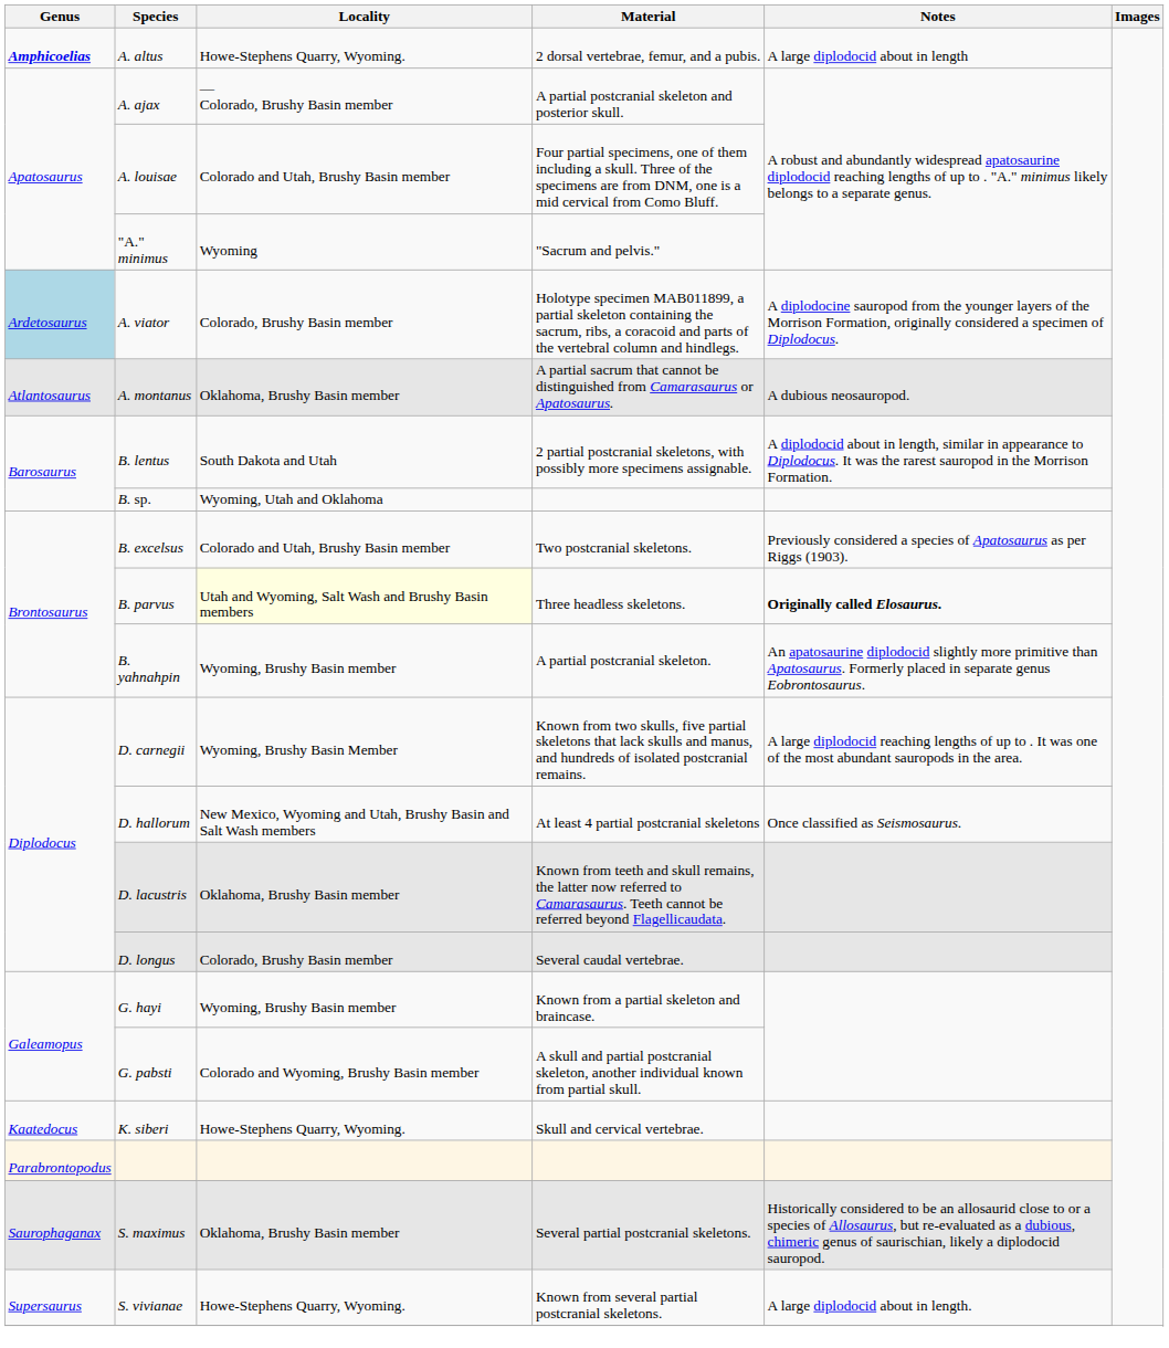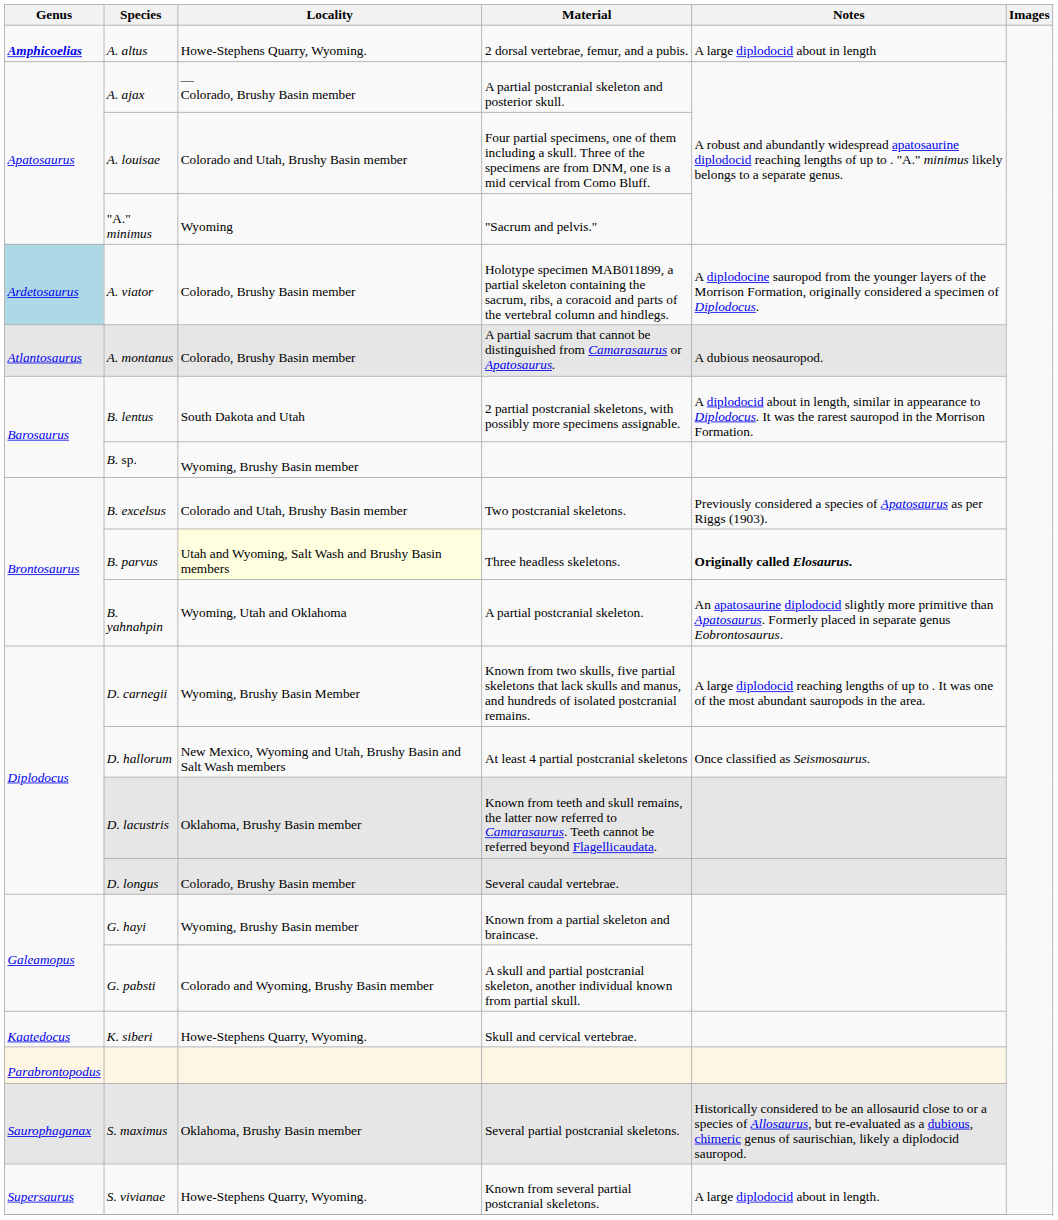 <table class="wikitable" align="center" width="100%">
 <tr>
 <th>Genus</th>
 <th>Species</th>
 <th>Locality</th>
 <th width="20%">Material</th>
 <th width="30%">Notes</th>
 <th>Images</th>
 </tr>
 <tr>
 <td><strong><br><em><a href='#'>Amphicoelias</a></em></strong></td>
 <td><br><em>A. altus</em></td>
 <td><br>Howe-Stephens Quarry, Wyoming.</td>
 <td><br>2 dorsal vertebrae, femur, and a pubis.</td>
 <td><br>A large <a href='#'>diplodocid</a> about  in length</td>
 <td rowspan="34"><br>         </td>
 </tr>
 <tr>
 <td rowspan=3><br><em><a href='#'>Apatosaurus</a></em></td>
 <td><br><em>A. ajax</em></td>
 <td>—<br>Colorado, Brushy Basin member</td>
 <td><br>A partial postcranial skeleton and posterior skull.</td>
 <td rowspan=3><br>A robust and abundantly widespread <a href='#'>apatosaurine</a> <a href='#'>diplodocid</a> reaching lengths of up to . "A." <em>minimus</em> likely belongs to a separate genus.</td>
 </tr>
 <tr>
 <td><br><em>A. louisae</em></td>
 <td><br>Colorado and Utah, Brushy Basin member </td>
 <td><br>Four partial specimens, one of them including a skull. Three of the specimens are from DNM, one is a mid cervical from Como Bluff.</td>
 </tr>
 <tr>
 <td><br>"A." <em>minimus</em></td>
 <td><br>Wyoming</td>
 <td><br>"Sacrum and pelvis."</td>
 </tr>
 <tr>
 <td style="background: lightblue;"><br><em><a href='#'>Ardetosaurus</a></em></td>
 <td><br><em>A. viator</em></td>
 <td><br>Colorado, Brushy Basin member</td>
 <td><br>Holotype specimen MAB011899, a partial skeleton containing the sacrum, ribs, a coracoid and parts of the vertebral column and hindlegs.</td>
 <td><br>A <a href='#'>diplodocine</a> sauropod from the younger layers of the Morrison Formation, originally considered a specimen of <em><a href='#'>Diplodocus</a></em>.</td>
 </tr>
 <tr>
 <td style="background:#E6E6E6;"><br><em><a href='#'>Atlantosaurus</a></em></td>
 <td style="background:#E6E6E6;"><br><em>A. montanus</em></td>
-<td style="background:#E6E6E6;"><br>Oklahoma, Brushy Basin member</td>
+<td style="background:#E6E6E6;"><br>Colorado, Brushy Basin member</td>
 <td style="background:#E6E6E6;">A partial sacrum that cannot be distinguished from <em><a href='#'>Camarasaurus</a></em> or <em><a href='#'>Apatosaurus</a>.</em></td>
 <td style="background:#E6E6E6;"><br>A dubious neosauropod.</td>
 </tr>
 <tr>
 <td rowspan="2"><br><em><a href='#'>Barosaurus</a></em></td>
 <td><br><em>B. lentus</em></td>
 <td><br>South Dakota and Utah</td>
 <td><br>2 partial postcranial skeletons, with possibly more specimens assignable.</td>
 <td><br>A <a href='#'>diplodocid</a> about  in length, similar in appearance to <em><a href='#'>Diplodocus</a></em>. It was the rarest sauropod in the Morrison Formation.</td>
 </tr>
 <tr>
 <td><em>B.</em> sp.</td>
-<td>Wyoming, Utah and Oklahoma</td>
+<td><br>Wyoming, Brushy Basin member</td>
 <td></td>
 <td></td>
 </tr>
 <tr>
 <td rowspan= 3><br><em><a href='#'>Brontosaurus</a></em></td>
 <td><br><em>B. excelsus</em></td>
 <td><br>Colorado and Utah, Brushy Basin member </td>
 <td><br>Two postcranial skeletons.</td>
 <td><br>Previously considered a species of <em><a href='#'>Apatosaurus</a></em> as per Riggs (1903).</td>
 </tr>
 <tr>
 <td><br><em>B. parvus</em></td>
 <td style="background: lightyellow;"><br>Utah and Wyoming, Salt Wash and Brushy Basin members</td>
 <td><br>Three headless skeletons.</td>
 <td><strong><br>Originally called <em>Elosaurus</em>.</strong></td>
 </tr>
 <tr>
 <td><br><em>B. yahnahpin</em></td>
-<td><br>Wyoming, Brushy Basin member</td>
+<td>Wyoming, Utah and Oklahoma</td>
 <td>A partial postcranial skeleton.</td>
 <td><br>An <a href='#'>apatosaurine</a> <a href='#'>diplodocid</a> slightly more primitive than <em><a href='#'>Apatosaurus</a></em>. Formerly placed in separate genus <em>Eobrontosaurus</em>.</td>
 </tr>
 <tr>
 <td rowspan=4><br><em><a href='#'>Diplodocus</a></em></td>
 <td><br><em>D. carnegii</em></td>
 <td><br>Wyoming, Brushy Basin Member</td>
 <td><br>Known from two skulls, five partial skeletons that lack skulls and manus, and hundreds of isolated postcranial remains.</td>
 <td><br>A large <a href='#'>diplodocid</a> reaching lengths of up to . It was one of the most abundant sauropods in the area.</td>
 </tr>
 <tr>
 <td><br><em>D. hallorum</em></td>
 <td><br>New Mexico, Wyoming and Utah, Brushy Basin and Salt Wash members</td>
 <td><br>At least 4 partial postcranial skeletons</td>
 <td><br>Once classified as <em>Seismosaurus</em>.</td>
 </tr>
 <tr>
 <td style="background:#E6E6E6;"><br><em>D. lacustris</em></td>
 <td style="background:#E6E6E6;"><br>Oklahoma, Brushy Basin member</td>
 <td style="background:#E6E6E6;"><br>Known from teeth and skull remains, the latter now referred to <em><a href='#'>Camarasaurus</a></em>. Teeth cannot be referred beyond <a href='#'>Flagellicaudata</a>.</td>
 <td style="background:#E6E6E6;"></td>
 </tr>
 <tr>
 <td style="background:#E6E6E6;"><br><em>D. longus</em></td>
 <td style="background:#E6E6E6;"><br>Colorado, Brushy Basin member</td>
 <td style="background:#E6E6E6;"><br>Several caudal vertebrae.</td>
 <td style="background:#E6E6E6;"></td>
 </tr>
 <tr>
 <td rowspan=2><br><em><a href='#'>Galeamopus</a></em></td>
 <td><br><em>G. hayi</em></td>
 <td><br>Wyoming, Brushy Basin member</td>
 <td><br>Known from a partial skeleton and braincase.</td>
 </tr>
 <tr>
 <td><br><em>G. pabsti</em></td>
 <td><br>Colorado and Wyoming, Brushy Basin member</td>
 <td><br>A skull and partial postcranial skeleton, another individual known from partial skull.</td>
 </tr>
 <tr>
 <td><br><em><a href='#'>Kaatedocus</a></em></td>
 <td><br><em>K. siberi</em></td>
 <td><br>Howe-Stephens Quarry, Wyoming.</td>
 <td><br>Skull and cervical vertebrae.</td>
 <td></td>
 </tr>
 <tr>
 <td style="background:#FEF6E4;"><br><em><a href='#'>Parabrontopodus</a></em></td>
 <td style="background:#FEF6E4;"></td>
 <td style="background:#FEF6E4;"></td>
 <td style="background:#FEF6E4;"></td>
 <td style="background:#FEF6E4;"></td>
 </tr>
 <tr>
 <td style="background:#E6E6E6;"><br><em><a href='#'>Saurophaganax</a></em></td>
 <td style="background:#E6E6E6;"><br><em>S. maximus</em></td>
 <td style="background:#E6E6E6;"><br>Oklahoma, Brushy Basin member</td>
 <td style="background:#E6E6E6;"><br>Several partial postcranial skeletons.</td>
 <td style="background:#E6E6E6;"><br>Historically considered to be an allosaurid close to or a species of <em><a href='#'>Allosaurus</a></em>, but re-evaluated as a <a href='#'>dubious</a>, <a href='#'>chimeric</a> genus of saurischian, likely a diplodocid sauropod.</td>
 </tr>
 <tr>
 <td><br><em><a href='#'>Supersaurus</a></em></td>
 <td><br><em>S. vivianae</em></td>
 <td><br>Howe-Stephens Quarry, Wyoming.</td>
 <td><br>Known from several partial postcranial skeletons.</td>
 <td><br>A large <a href='#'>diplodocid</a> about  in length.</td>
 </tr>
 <tr>
 </tr>
 </table>
